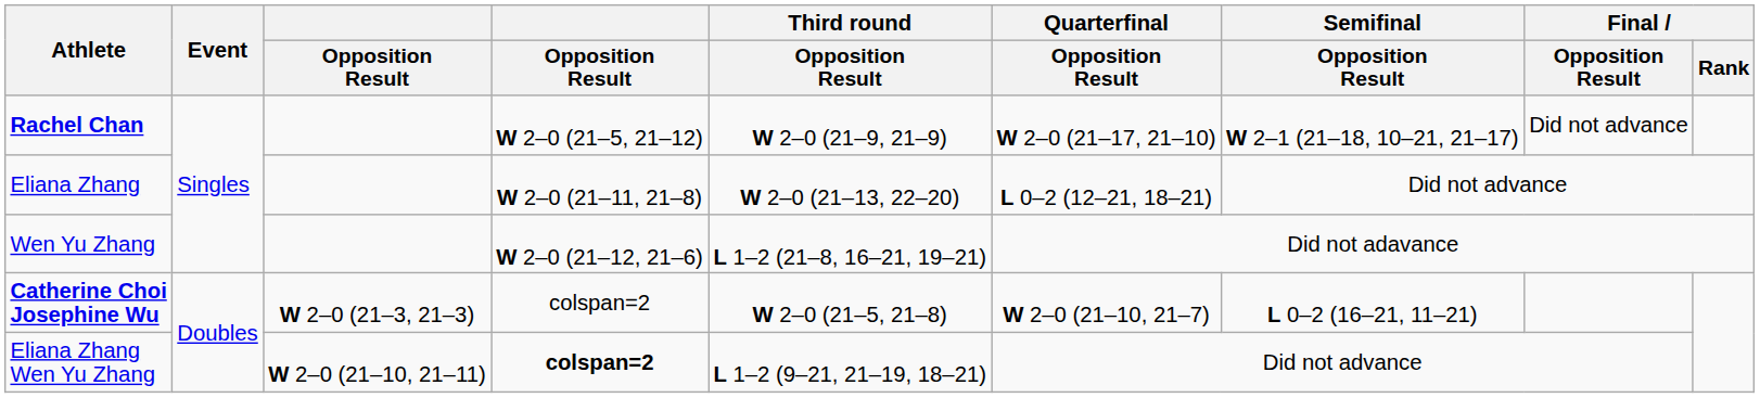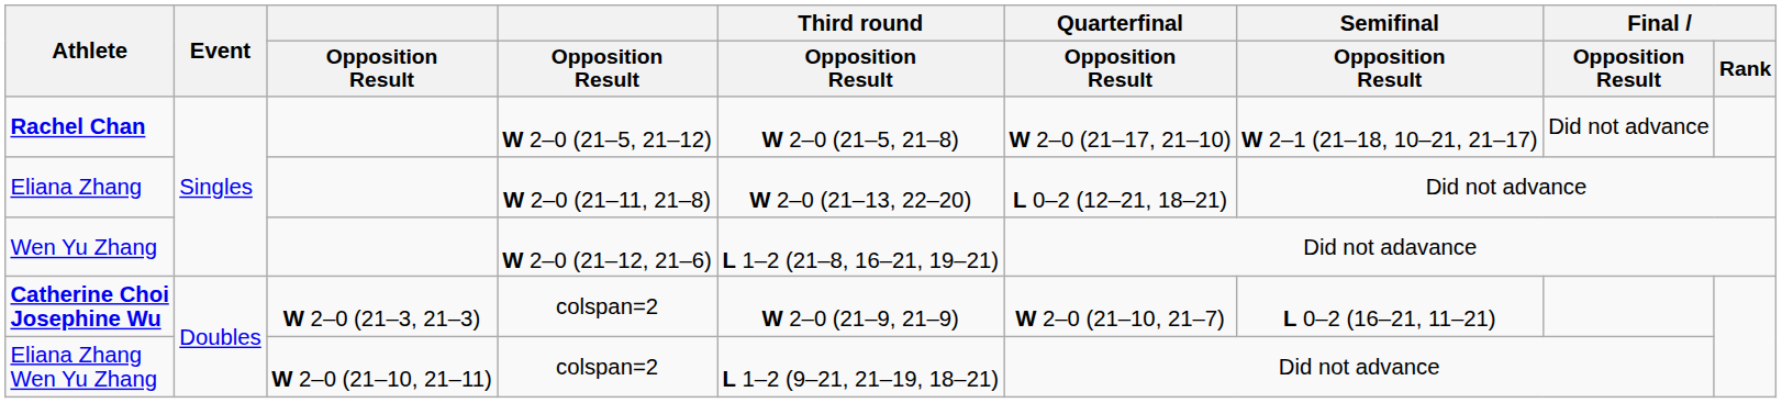 <table class=wikitable style=font-size:90%;text-align:center>
 <tr>
 <th rowspan=2>Athlete</th>
 <th rowspan=2>Event</th>
 <th></th>
 <th></th>
 <th>Third round</th>
 <th>Quarterfinal</th>
 <th>Semifinal</th>
 <th colspan=2>Final / </th>
 </tr>
 <tr style=font-size:95%>
 <th>Opposition<br>Result</th>
 <th>Opposition<br>Result</th>
 <th>Opposition<br>Result</th>
 <th>Opposition<br>Result</th>
 <th>Opposition<br>Result</th>
 <th>Opposition<br>Result</th>
 <th>Rank</th>
 </tr>
 <tr>
 <td align=left><strong><a href='#'>Rachel Chan</a></strong></td>
 <td align=left rowspan=3><a href='#'>Singles</a></td>
 <td></td>
 <td><br><strong>W</strong> 2–0 (21–5, 21–12)</td>
-<td><br><strong>W</strong> 2–0 (21–9, 21–9)</td>
+<td><br><strong>W</strong> 2–0 (21–5, 21–8)</td>
 <td><br><strong>W</strong> 2–0 (21–17, 21–10)</td>
 <td><br><strong>W</strong> 2–1 (21–18, 10–21, 21–17)</td>
 <td>Did not advance</td>
 <td></td>
 </tr>
 <tr>
 <td align=left><a href='#'>Eliana Zhang</a></td>
 <td></td>
 <td><br><strong>W</strong> 2–0 (21–11, 21–8)</td>
 <td><br><strong>W</strong> 2–0 (21–13, 22–20)</td>
 <td><br><strong>L</strong> 0–2 (12–21, 18–21)</td>
 <td colspan=3>Did not advance</td>
 </tr>
 <tr>
 <td align=left><a href='#'>Wen Yu Zhang</a></td>
 <td></td>
 <td><br><strong>W</strong> 2–0 (21–12, 21–6)</td>
 <td><br><strong>L</strong> 1–2 (21–8, 16–21, 19–21)</td>
 <td colspan=4>Did not adavance</td>
 </tr>
 <tr>
 <td align=left><strong><a href='#'>Catherine Choi</a><br><a href='#'>Josephine Wu</a></strong></td>
 <td align=left rowspan=2><a href='#'>Doubles</a></td>
 <td><br><strong>W</strong> 2–0 (21–3, 21–3)</td>
 <td>colspan=2 </td>
-<td><br><strong>W</strong> 2–0 (21–5, 21–8)</td>
+<td><br><strong>W</strong> 2–0 (21–9, 21–9)</td>
 <td><br><strong>W</strong> 2–0 (21–10, 21–7)</td>
 <td><br><strong>L</strong> 0–2 (16–21, 11–21)</td>
 <td></td>
 </tr>
 <tr>
 <td align=left><a href='#'>Eliana Zhang</a><br><a href='#'>Wen Yu Zhang</a></td>
 <td><br><strong>W</strong> 2–0 (21–10, 21–11)</td>
-<td><strong>colspan=2 </strong></td>
+<td>colspan=2 </td>
 <td><br><strong>L</strong> 1–2 (9–21, 21–19, 18–21)</td>
 <td colspan=3>Did not advance</td>
 </tr>
 </table>
